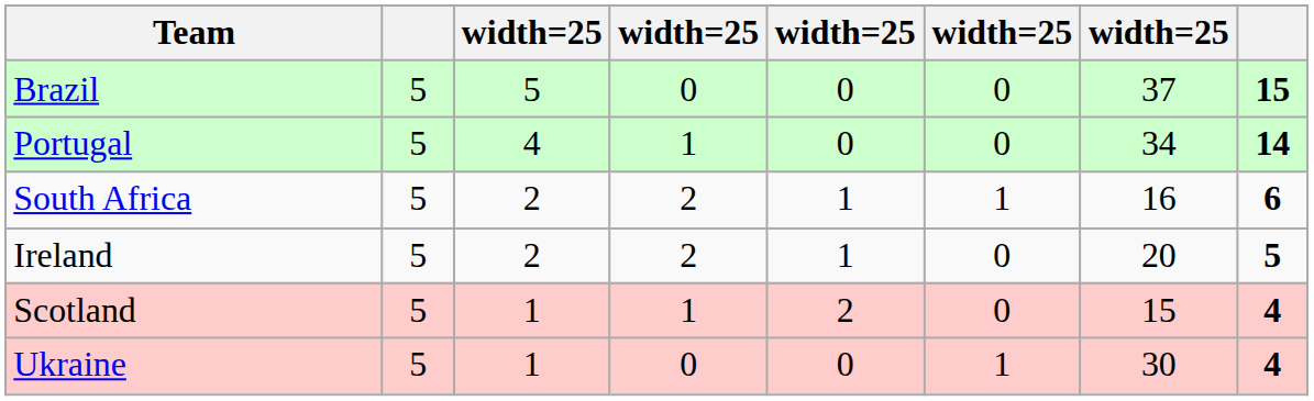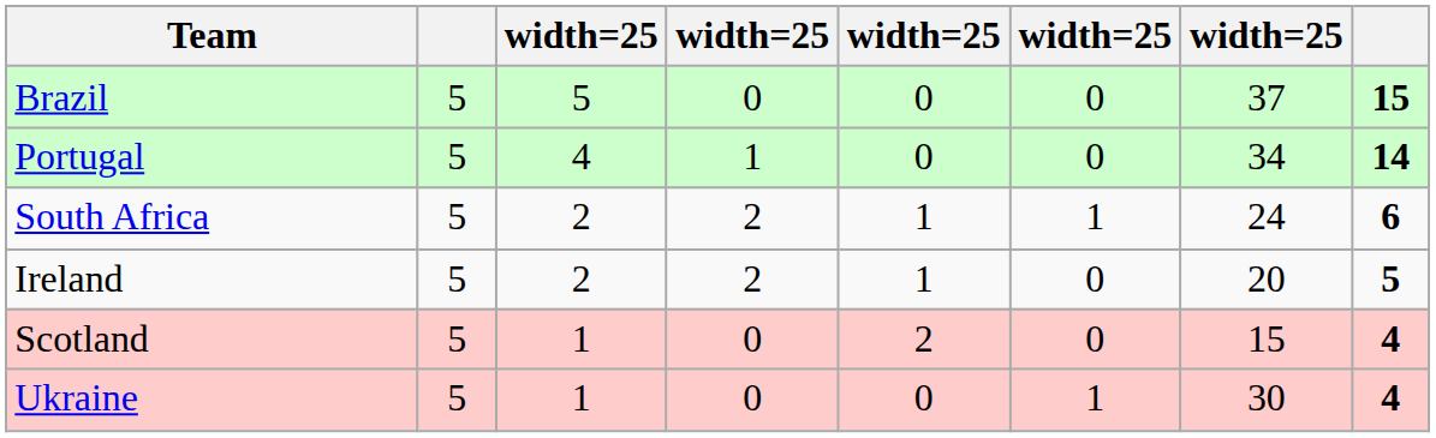 <table class="wikitable sortable" style="text-align: center; ">
 <tr>
 <th width=165>Team</th>
 <th width=25></th>
 <th>width=25</th>
 <th>width=25</th>
 <th>width=25</th>
 <th>width=25</th>
 <th>width=25</th>
 <th width=25></th>
 </tr>
 <tr style="background:#ccffcc;">
 <td style="text-align:left;"> <a href='#'>Brazil</a></td>
 <td>5</td>
 <td>5</td>
 <td>0</td>
 <td>0</td>
 <td>0</td>
 <td>37</td>
 <td><strong>15</strong></td>
 </tr>
 <tr style="background:#ccffcc;">
 <td style="text-align:left;"> <a href='#'>Portugal</a></td>
 <td>5</td>
 <td>4</td>
 <td>1</td>
 <td>0</td>
 <td>0</td>
 <td>34</td>
 <td><strong>14</strong></td>
 </tr>
 <tr>
 <td style="text-align:left;"> <a href='#'>South Africa</a></td>
 <td>5</td>
 <td>2</td>
 <td>2</td>
 <td>1</td>
 <td>1</td>
-<td>16</td>
+<td>24</td>
 <td><strong>6</strong></td>
 </tr>
 <tr>
 <td style="text-align:left;"> Ireland</td>
 <td>5</td>
 <td>2</td>
 <td>2</td>
 <td>1</td>
 <td>0</td>
 <td>20</td>
 <td><strong>5</strong></td>
 </tr>
 <tr style="background:#FFCCCC;">
 <td style="text-align:left;"> Scotland</td>
 <td>5</td>
 <td>1</td>
-<td>1</td>
+<td>0</td>
 <td>2</td>
 <td>0</td>
 <td>15</td>
 <td><strong>4</strong></td>
 </tr>
 <tr style="background:#FFCCCC;">
 <td style="text-align:left;"> <a href='#'>Ukraine</a></td>
 <td>5</td>
 <td>1</td>
 <td>0</td>
 <td>0</td>
 <td>1</td>
 <td>30</td>
 <td><strong>4</strong></td>
 </tr>
 </table>
